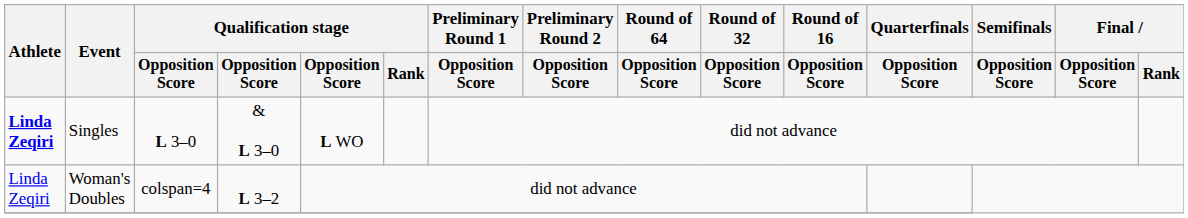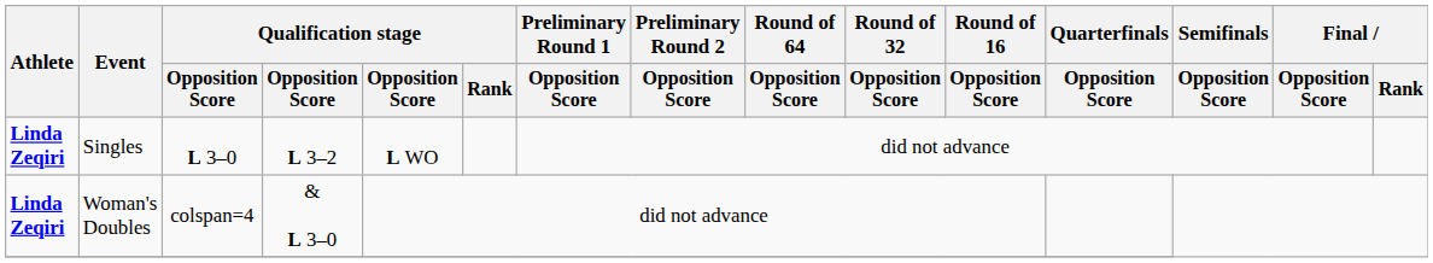 <table class=wikitable style=font-size:90%;text-align:center>
 <tr>
 <th rowspan=2>Athlete</th>
 <th rowspan=2>Event</th>
 <th colspan=4>Qualification stage</th>
 <th>Preliminary Round 1</th>
 <th>Preliminary Round 2</th>
 <th>Round of 64</th>
 <th>Round of 32</th>
 <th>Round of 16</th>
 <th>Quarterfinals</th>
 <th>Semifinals</th>
 <th colspan=2>Final / </th>
 </tr>
 <tr style=font-size:95%>
 <th>Opposition<br>Score</th>
 <th>Opposition<br>Score</th>
 <th>Opposition<br>Score</th>
 <th>Rank</th>
 <th>Opposition<br>Score</th>
 <th>Opposition<br>Score</th>
 <th>Opposition<br>Score</th>
 <th>Opposition<br>Score</th>
 <th>Opposition<br>Score</th>
 <th>Opposition<br>Score</th>
 <th>Opposition<br>Score</th>
 <th>Opposition<br>Score</th>
 <th>Rank</th>
 </tr>
 <tr>
 <td align=left><strong><a href='#'>Linda Zeqiri</a></strong></td>
 <td align=left>Singles</td>
 <td><br><strong>L</strong> 3–0</td>
-<td> & <br><br><strong>L</strong> 3–0</td>
+<td><br><strong>L</strong> 3–2</td>
 <td><br><strong>L</strong> WO</td>
 <td></td>
 <td colspan=8>did not advance</td>
 <td></td>
 </tr>
 <tr>
-<td align=left><a href='#'>Linda Zeqiri</a><br></td>
+<td align=left><strong><a href='#'>Linda Zeqiri</a><br></strong></td>
 <td align=left>Woman's Doubles</td>
 <td>colspan=4</td>
-<td><br><strong>L</strong> 3–2</td>
+<td> & <br><br><strong>L</strong> 3–0</td>
 <td colspan=7>did not advance</td>
 <td></td>
 </tr>
 <tr>
 </tr>
 </table>
